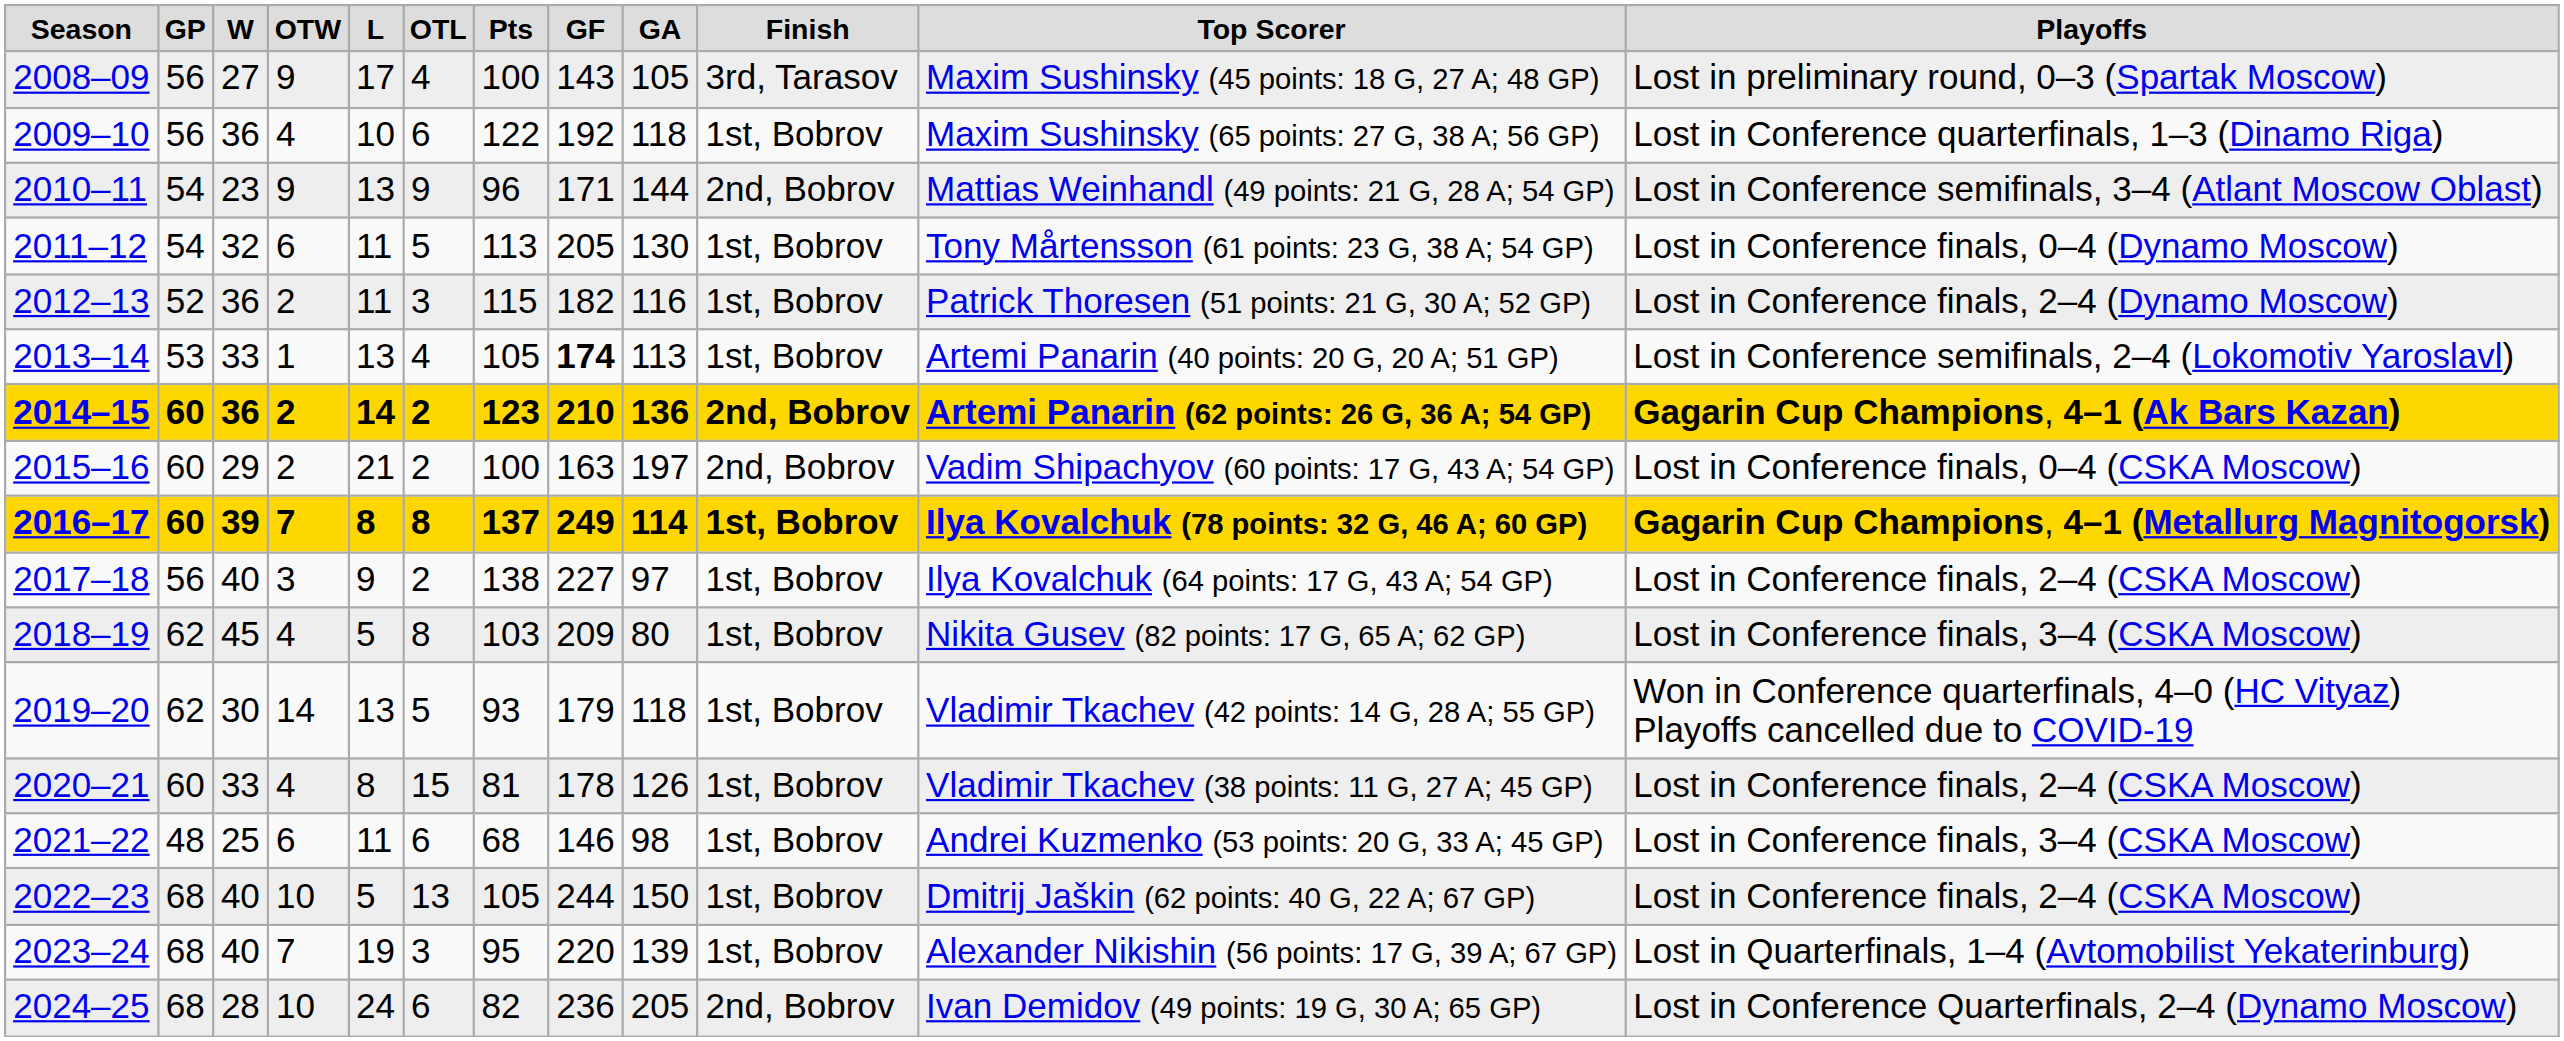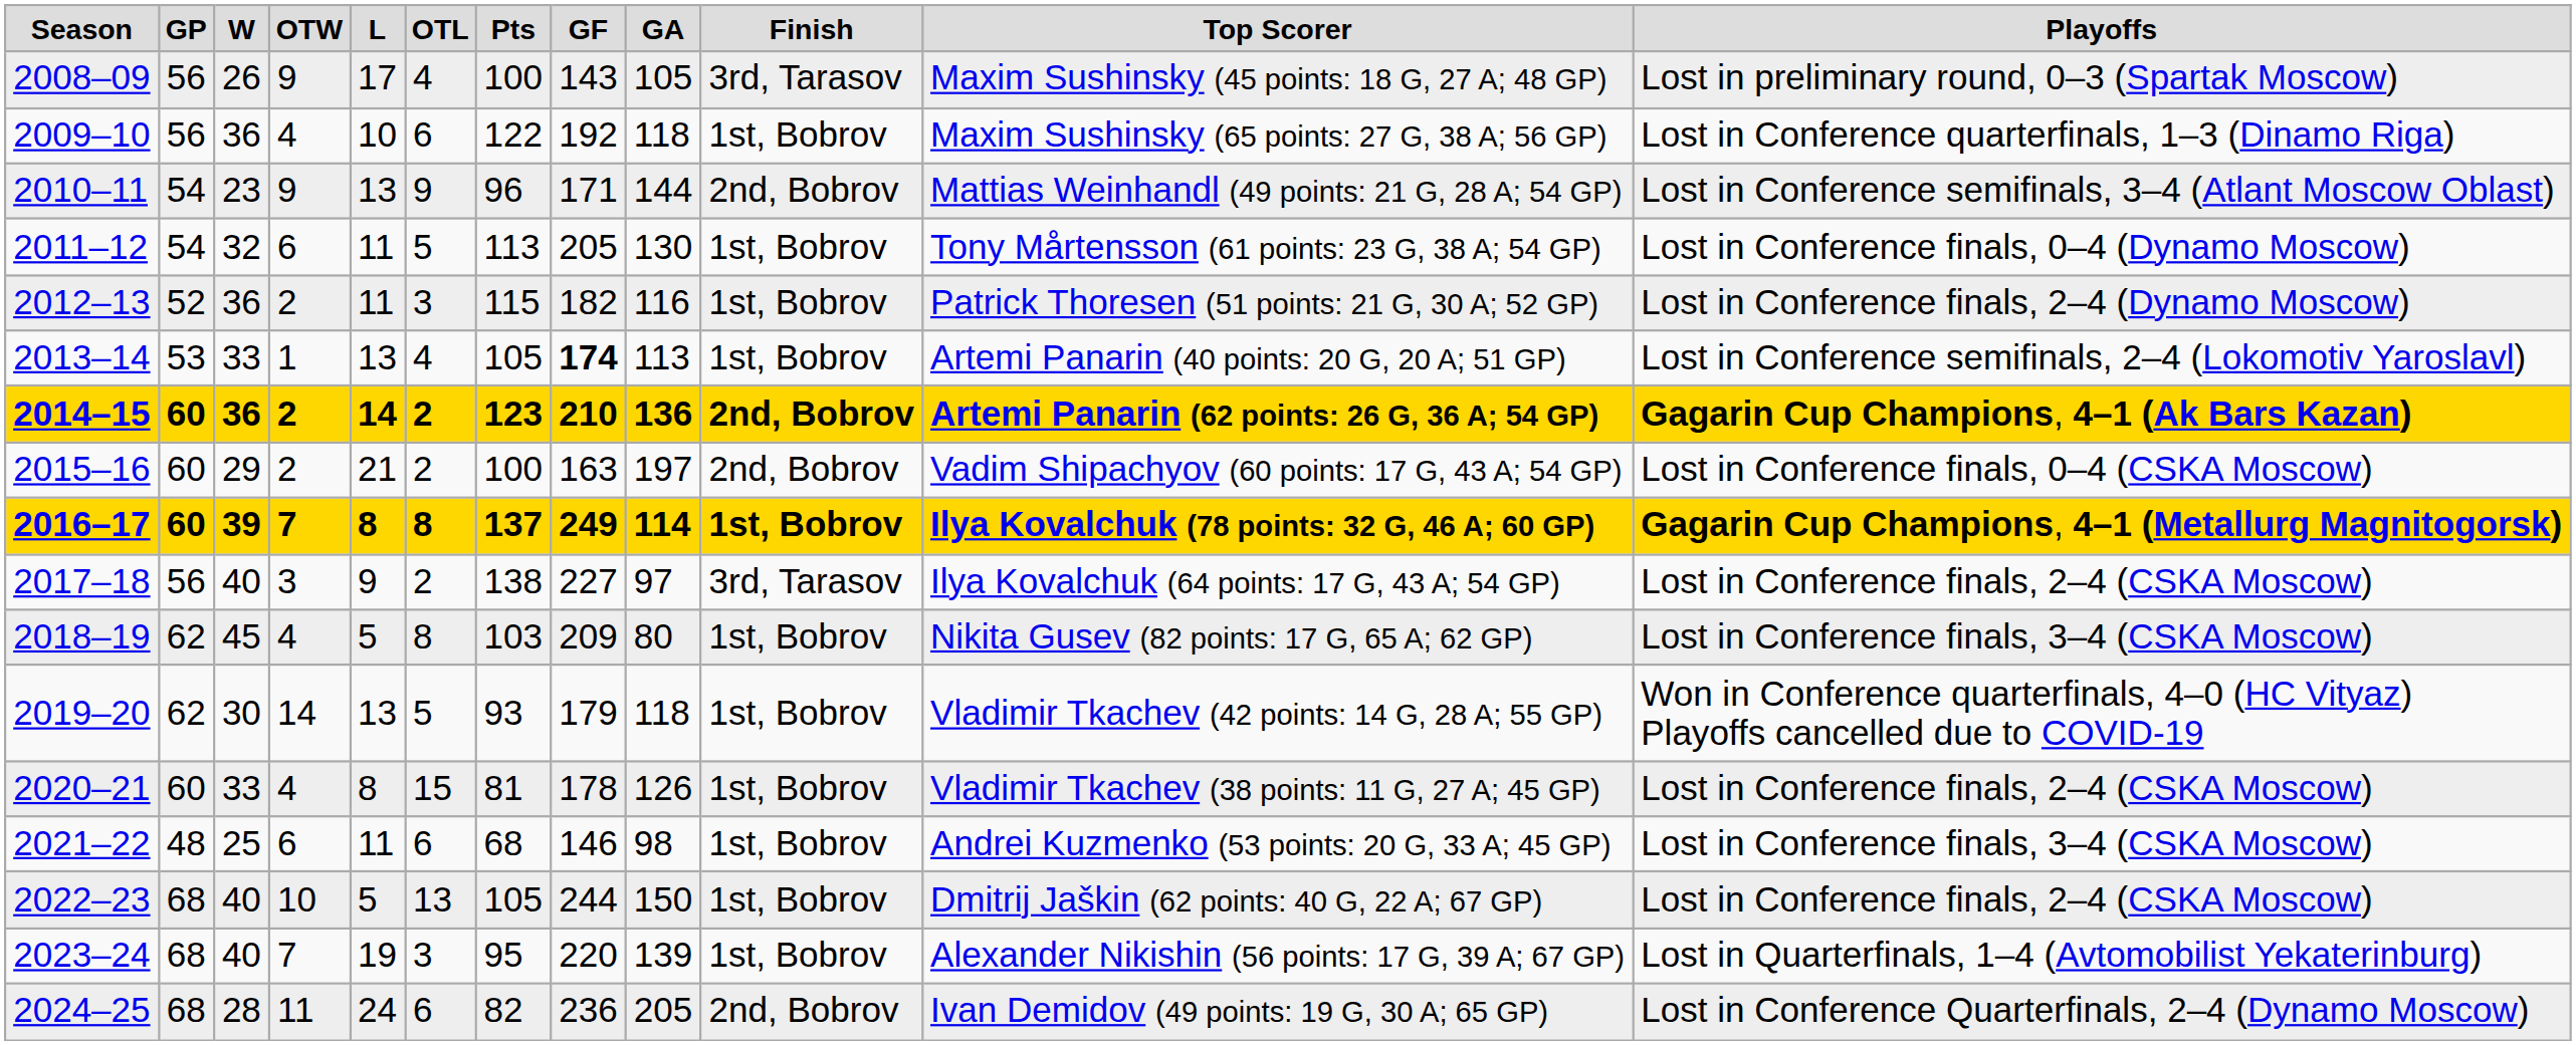 <table class="wikitable">
 <tr style="text-align:center; font-size:small; background:#ddd; padding:5px;"|>
 <td><strong>Season</strong></td>
 <td><strong>GP</strong></td>
 <td><strong>W</strong></td>
 <td><strong>OTW</strong></td>
 <td><strong>L</strong></td>
 <td><strong>OTL</strong></td>
 <td><strong>Pts</strong></td>
 <td><strong>GF</strong></td>
 <td><strong>GA</strong></td>
 <td><strong>Finish</strong></td>
 <td><strong>Top Scorer</strong></td>
 <td><strong>Playoffs</strong></td>
 </tr>
 <tr style="background:#eee;">
 <td><a href='#'>2008–09</a></td>
 <td>56</td>
-<td>27</td>
+<td>26</td>
 <td>9</td>
 <td>17</td>
 <td>4</td>
 <td>100</td>
 <td>143</td>
 <td>105</td>
 <td>3rd, Tarasov</td>
 <td><a href='#'>Maxim Sushinsky</a> <small>(45 points: 18 G, 27 A; 48 GP)</small></td>
 <td>Lost in preliminary round, 0–3 (<a href='#'>Spartak Moscow</a>)</td>
 </tr>
 <tr>
 <td><a href='#'>2009–10</a></td>
 <td>56</td>
 <td>36</td>
 <td>4</td>
 <td>10</td>
 <td>6</td>
 <td>122</td>
 <td>192</td>
 <td>118</td>
 <td>1st, Bobrov</td>
 <td><a href='#'>Maxim Sushinsky</a> <small>(65 points: 27 G, 38 A; 56 GP)</small></td>
 <td>Lost in Conference quarterfinals, 1–3 (<a href='#'>Dinamo Riga</a>)</td>
 </tr>
 <tr style="background:#eee;">
 <td><a href='#'>2010–11</a></td>
 <td>54</td>
 <td>23</td>
 <td>9</td>
 <td>13</td>
 <td>9</td>
 <td>96</td>
 <td>171</td>
 <td>144</td>
 <td>2nd, Bobrov</td>
 <td><a href='#'>Mattias Weinhandl</a> <small>(49 points: 21 G, 28 A; 54 GP)</small></td>
 <td>Lost in Conference semifinals, 3–4 (<a href='#'>Atlant Moscow Oblast</a>)</td>
 </tr>
 <tr>
 <td><a href='#'>2011–12</a></td>
 <td>54</td>
 <td>32</td>
 <td>6</td>
 <td>11</td>
 <td>5</td>
 <td>113</td>
 <td>205</td>
 <td>130</td>
 <td>1st, Bobrov</td>
 <td><a href='#'>Tony Mårtensson</a> <small>(61 points: 23 G, 38 A; 54 GP)</small></td>
 <td>Lost in Conference finals, 0–4 (<a href='#'>Dynamo Moscow</a>)</td>
 </tr>
 <tr style="background:#eee;">
 <td><a href='#'>2012–13</a></td>
 <td>52</td>
 <td>36</td>
 <td>2</td>
 <td>11</td>
 <td>3</td>
 <td>115</td>
 <td>182</td>
 <td>116</td>
 <td>1st, Bobrov</td>
 <td><a href='#'>Patrick Thoresen</a> <small>(51 points: 21 G, 30 A; 52 GP)</small></td>
 <td>Lost in Conference finals, 2–4 (<a href='#'>Dynamo Moscow</a>)</td>
 </tr>
 <tr>
 <td><a href='#'>2013–14</a></td>
 <td>53</td>
 <td>33</td>
 <td>1</td>
 <td>13</td>
 <td>4</td>
 <td>105</td>
 <td><strong>174</strong></td>
 <td>113</td>
 <td>1st, Bobrov</td>
 <td><a href='#'>Artemi Panarin</a> <small>(40 points: 20 G, 20 A; 51 GP)</small></td>
 <td>Lost in Conference semifinals, 2–4 (<a href='#'>Lokomotiv Yaroslavl</a>)</td>
 </tr>
 <tr style="background:gold;">
 <td><strong><a href='#'>2014–15</a></strong></td>
 <td><strong>60</strong></td>
 <td><strong>36</strong></td>
 <td><strong>2</strong></td>
 <td><strong>14</strong></td>
 <td><strong>2</strong></td>
 <td><strong>123</strong></td>
 <td><strong>210</strong></td>
 <td><strong>136</strong></td>
 <td><strong>2nd, Bobrov</strong></td>
 <td><strong><a href='#'>Artemi Panarin</a></strong> <small><strong>(62 points: 26 G, 36 A; 54 GP)</strong></small></td>
 <td><strong>Gagarin Cup Champions</strong>, <strong>4–1</strong> <strong>(<a href='#'>Ak Bars Kazan</a>)</strong></td>
 </tr>
 <tr>
 <td><a href='#'>2015–16</a></td>
 <td>60</td>
 <td>29</td>
 <td>2</td>
 <td>21</td>
 <td>2</td>
 <td>100</td>
 <td>163</td>
 <td>197</td>
 <td>2nd, Bobrov</td>
 <td><a href='#'>Vadim Shipachyov</a> <small>(60 points: 17 G, 43 A; 54 GP)</small></td>
 <td>Lost in Conference finals, 0–4 (<a href='#'>CSKA Moscow</a>)</td>
 </tr>
 <tr style="background:gold;">
 <td><strong><a href='#'>2016–17</a></strong></td>
 <td><strong>60</strong></td>
 <td><strong>39</strong></td>
 <td><strong>7</strong></td>
 <td><strong>8</strong></td>
 <td><strong>8</strong></td>
 <td><strong>137</strong></td>
 <td><strong>249</strong></td>
 <td><strong>114</strong></td>
 <td><strong>1st, Bobrov</strong></td>
 <td><strong><a href='#'>Ilya Kovalchuk</a></strong> <small><strong>(78 points: 32 G, 46 A; 60 GP)</strong></small></td>
 <td><strong>Gagarin Cup Champions</strong>, <strong>4–1</strong> <strong>(<a href='#'>Metallurg Magnitogorsk</a>)</strong></td>
 </tr>
 <tr>
 <td><a href='#'>2017–18</a></td>
 <td>56</td>
 <td>40</td>
 <td>3</td>
 <td>9</td>
 <td>2</td>
 <td>138</td>
 <td>227</td>
 <td>97</td>
-<td>1st, Bobrov</td>
+<td>3rd, Tarasov</td>
 <td><a href='#'>Ilya Kovalchuk</a> <small>(64 points: 17 G, 43 A; 54 GP)</small></td>
 <td>Lost in Conference finals, 2–4 (<a href='#'>CSKA Moscow</a>)</td>
 </tr>
 <tr style="background:#eee;">
 <td><a href='#'>2018–19</a></td>
 <td>62</td>
 <td>45</td>
 <td>4</td>
 <td>5</td>
 <td>8</td>
 <td>103</td>
 <td>209</td>
 <td>80</td>
 <td>1st, Bobrov</td>
 <td><a href='#'>Nikita Gusev</a> <small>(82 points: 17 G, 65 A; 62 GP)</small></td>
 <td>Lost in Conference finals, 3–4 (<a href='#'>CSKA Moscow</a>)</td>
 </tr>
 <tr>
 <td><a href='#'>2019–20</a></td>
 <td>62</td>
 <td>30</td>
 <td>14</td>
 <td>13</td>
 <td>5</td>
 <td>93</td>
 <td>179</td>
 <td>118</td>
 <td>1st, Bobrov</td>
 <td><a href='#'>Vladimir Tkachev</a> <small>(42 points: 14 G, 28 A; 55 GP)</small></td>
 <td>Won in Conference quarterfinals, 4–0 (<a href='#'>HC Vityaz</a>)<br>Playoffs cancelled due to <a href='#'>COVID-19</a></td>
 </tr>
 <tr style="background:#eee;">
 <td><a href='#'>2020–21</a></td>
 <td>60</td>
 <td>33</td>
 <td>4</td>
 <td>8</td>
 <td>15</td>
 <td>81</td>
 <td>178</td>
 <td>126</td>
 <td>1st, Bobrov</td>
 <td><a href='#'>Vladimir Tkachev</a> <small>(38 points: 11 G, 27 A; 45 GP)</small></td>
 <td>Lost in Conference finals, 2–4 (<a href='#'>CSKA Moscow</a>)</td>
 </tr>
 <tr>
 <td><a href='#'>2021–22</a></td>
 <td>48</td>
 <td>25</td>
 <td>6</td>
 <td>11</td>
 <td>6</td>
 <td>68</td>
 <td>146</td>
 <td>98</td>
 <td>1st, Bobrov</td>
 <td><a href='#'>Andrei Kuzmenko</a> <small>(53 points: 20 G, 33 A; 45 GP)</small></td>
 <td>Lost in Conference finals, 3–4 (<a href='#'>CSKA Moscow</a>)</td>
 </tr>
 <tr style="background:#eee;">
 <td><a href='#'>2022–23</a></td>
 <td>68</td>
 <td>40</td>
 <td>10</td>
 <td>5</td>
 <td>13</td>
 <td>105</td>
 <td>244</td>
 <td>150</td>
 <td>1st, Bobrov</td>
 <td><a href='#'>Dmitrij Jaškin</a> <small>(62 points: 40 G, 22 A; 67 GP)</small></td>
 <td>Lost in Conference finals, 2–4 (<a href='#'>CSKA Moscow</a>)</td>
 </tr>
 <tr>
 <td><a href='#'>2023–24</a></td>
 <td>68</td>
 <td>40</td>
 <td>7</td>
 <td>19</td>
 <td>3</td>
 <td>95</td>
 <td>220</td>
 <td>139</td>
 <td>1st, Bobrov</td>
 <td><a href='#'>Alexander Nikishin</a> <small>(56 points: 17 G, 39 A; 67 GP)</small></td>
 <td>Lost in Quarterfinals, 1–4 (<a href='#'>Avtomobilist Yekaterinburg</a>)</td>
 </tr>
 <tr style="background:#eee;">
 <td><a href='#'>2024–25</a></td>
 <td>68</td>
 <td>28</td>
-<td>10</td>
+<td>11</td>
 <td>24</td>
 <td>6</td>
 <td>82</td>
 <td>236</td>
 <td>205</td>
 <td>2nd, Bobrov</td>
 <td><a href='#'>Ivan Demidov</a> <small>(49 points: 19 G, 30 A; 65 GP)</small></td>
 <td>Lost in Conference Quarterfinals, 2–4 (<a href='#'>Dynamo Moscow</a>)</td>
 </tr>
 </table>
